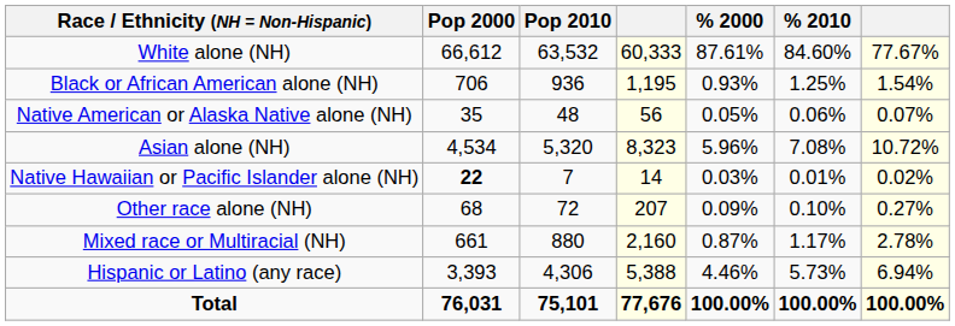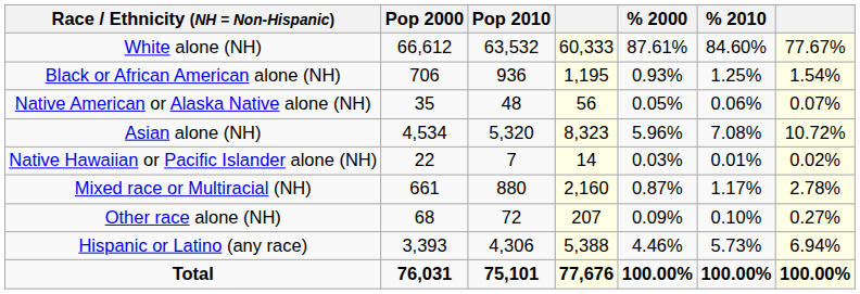 <table class="wikitable" style="text-align:center;">
 <tr>
 <th>Race / Ethnicity <small>(<em>NH = Non-Hispanic</em>)</small></th>
 <th>Pop 2000</th>
 <th>Pop 2010</th>
 <th></th>
 <th>% 2000</th>
 <th>% 2010</th>
 <th></th>
 </tr>
 <tr>
 <td><a href='#'>White</a> alone (NH)</td>
 <td>66,612</td>
 <td>63,532</td>
 <td style='background: #ffffe6;'>60,333</td>
 <td>87.61%</td>
 <td>84.60%</td>
 <td style='background: #ffffe6;'>77.67%</td>
 </tr>
 <tr>
 <td><a href='#'>Black or African American</a> alone (NH)</td>
 <td>706</td>
 <td>936</td>
 <td style='background: #ffffe6;'>1,195</td>
 <td>0.93%</td>
 <td>1.25%</td>
 <td style='background: #ffffe6;'>1.54%</td>
 </tr>
 <tr>
 <td><a href='#'>Native American</a> or <a href='#'>Alaska Native</a> alone (NH)</td>
 <td>35</td>
 <td>48</td>
 <td style='background: #ffffe6;'>56</td>
 <td>0.05%</td>
 <td>0.06%</td>
 <td style='background: #ffffe6;'>0.07%</td>
 </tr>
 <tr>
 <td><a href='#'>Asian</a> alone (NH)</td>
 <td>4,534</td>
 <td>5,320</td>
 <td style='background: #ffffe6;'>8,323</td>
 <td>5.96%</td>
 <td>7.08%</td>
 <td style='background: #ffffe6;'>10.72%</td>
 </tr>
 <tr>
 <td><a href='#'>Native Hawaiian</a> or <a href='#'>Pacific Islander</a> alone (NH)</td>
-<td><strong>22</strong></td>
+<td>22</td>
 <td>7</td>
 <td style='background: #ffffe6;'>14</td>
 <td>0.03%</td>
 <td>0.01%</td>
 <td style='background: #ffffe6;'>0.02%</td>
+</tr>
+<tr>
+<td><a href='#'>Mixed race or Multiracial</a> (NH)</td>
+<td>661</td>
+<td>880</td>
+<td style='background: #ffffe6;'>2,160</td>
+<td>0.87%</td>
+<td>1.17%</td>
+<td style='background: #ffffe6;'>2.78%</td>
 </tr>
 <tr>
 <td><a href='#'>Other race</a> alone (NH)</td>
 <td>68</td>
 <td>72</td>
 <td style='background: #ffffe6;'>207</td>
 <td>0.09%</td>
 <td>0.10%</td>
 <td style='background: #ffffe6;'>0.27%</td>
-</tr>
-<tr>
-<td><a href='#'>Mixed race or Multiracial</a> (NH)</td>
-<td>661</td>
-<td>880</td>
-<td style='background: #ffffe6;'>2,160</td>
-<td>0.87%</td>
-<td>1.17%</td>
-<td style='background: #ffffe6;'>2.78%</td>
 </tr>
 <tr>
 <td><a href='#'>Hispanic or Latino</a> (any race)</td>
 <td>3,393</td>
 <td>4,306</td>
 <td style='background: #ffffe6;'>5,388</td>
 <td>4.46%</td>
 <td>5.73%</td>
 <td style='background: #ffffe6;'>6.94%</td>
 </tr>
 <tr>
 <td><strong>Total</strong></td>
 <td><strong>76,031</strong></td>
 <td><strong>75,101</strong></td>
 <td style='background: #ffffe6;'><strong>77,676</strong></td>
 <td><strong>100.00%</strong></td>
 <td><strong>100.00%</strong></td>
 <td style='background: #ffffe6;'><strong>100.00%</strong></td>
 </tr>
 </table>
